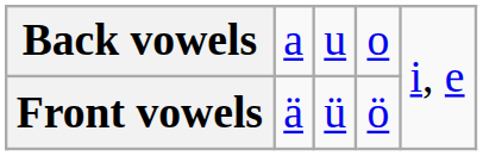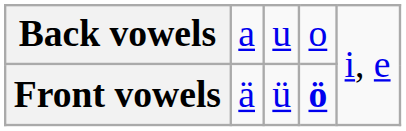 <table class="wikitable">
 <tr>
 <th>Back vowels</th>
 <td><a href='#'>a</a></td>
 <td><a href='#'>u</a></td>
 <td><a href='#'>o</a></td>
 <td rowspan=2><a href='#'>i</a>, <a href='#'>e</a></td>
 </tr>
 <tr>
 <th>Front vowels</th>
 <td><a href='#'>ä</a></td>
 <td><a href='#'>ü</a></td>
-<td><a href='#'>ö</a></td>
+<td><strong><a href='#'>ö</a></strong></td>
 </tr>
 </table>
